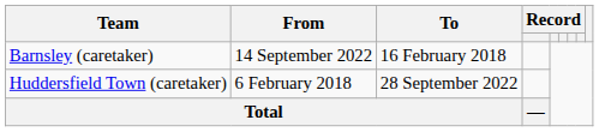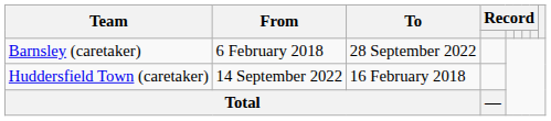 <table class=wikitable style="text-align: center">
 <tr>
 <th rowspan=2>Team</th>
 <th rowspan=2>From</th>
 <th rowspan=2>To</th>
 <th colspan=5>Record</th>
 <th rowspan=2></th>
 </tr>
 <tr>
 <th></th>
 <th></th>
 <th></th>
 <th></th>
 <th></th>
 </tr>
 <tr>
 <td align=left><a href='#'>Barnsley</a> (caretaker)</td>
-<td align=left>14 September 2022</td>
-<td align=left>16 February 2018<br></td>
+<td align=left>6 February 2018</td>
+<td align=left>28 September 2022<br></td>
 <td></td>
 </tr>
 <tr>
 <td align=left><a href='#'>Huddersfield Town</a> (caretaker)</td>
-<td align=left>6 February 2018</td>
-<td align=left>28 September 2022<br></td>
+<td align=left>14 September 2022</td>
+<td align=left>16 February 2018<br></td>
 <td></td>
 </tr>
 <tr>
 <th colspan=3>Total<br></th>
 <th>—</th>
 </tr>
 </table>
